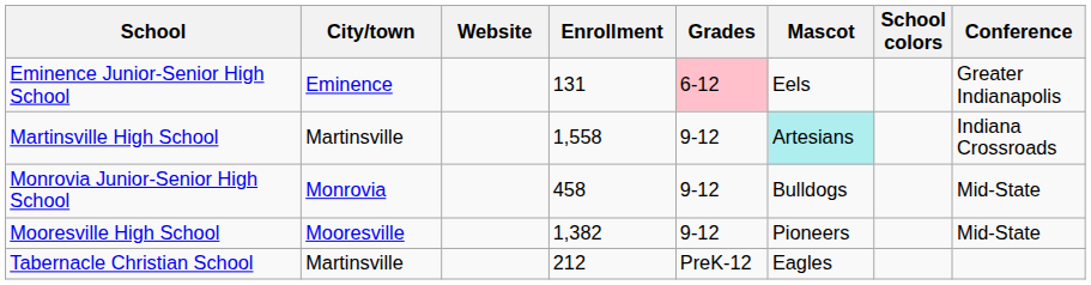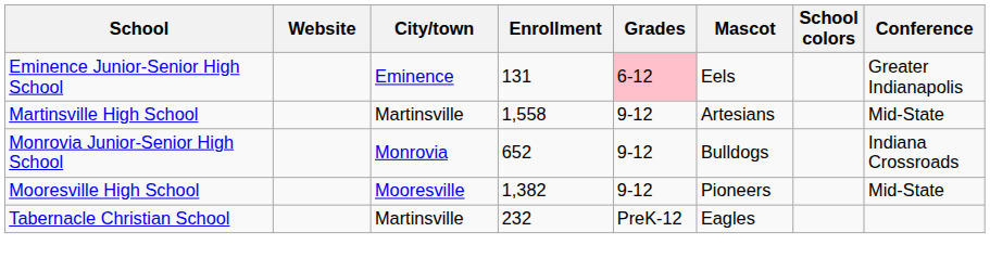 <table class="wikitable sortable" width="70%">
 <tr>
 <th width="20%">School</th>
+<th width="06%">Website</th>
 <th width="08%">City/town</th>
-<th width="06%">Website</th>
 <th width="04%">Enrollment</th>
 <th width="04%">Grades</th>
 <th width="04%">Mascot</th>
 <th width=01%>School colors</th>
 <th width="04%">Conference</th>
 </tr>
 <tr>
 <td><a href='#'>Eminence Junior-Senior High School</a></td>
+<td></td>
 <td><a href='#'>Eminence</a></td>
-<td></td>
 <td>131</td>
 <td style="background: pink;">6-12</td>
 <td>Eels</td>
 <td>  </td>
 <td>Greater Indianapolis</td>
 </tr>
 <tr>
 <td><a href='#'>Martinsville High School</a></td>
+<td></td>
 <td>Martinsville</td>
-<td></td>
 <td>1,558</td>
 <td>9-12</td>
-<td style="background: paleturquoise;">Artesians</td>
+<td>Artesians</td>
+<td> </td>
+<td>Mid-State</td>
+</tr>
+<tr>
+<td><a href='#'>Monrovia Junior-Senior High School</a></td>
+<td></td>
+<td><a href='#'>Monrovia</a></td>
+<td>652</td>
+<td>9-12</td>
+<td>Bulldogs</td>
 <td> </td>
 <td>Indiana Crossroads</td>
 </tr>
 <tr>
-<td><a href='#'>Monrovia Junior-Senior High School</a></td>
-<td><a href='#'>Monrovia</a></td>
+<td><a href='#'>Mooresville High School</a></td>
 <td></td>
-<td>458</td>
-<td>9-12</td>
-<td>Bulldogs</td>
-<td> </td>
-<td>Mid-State</td>
-</tr>
-<tr>
-<td><a href='#'>Mooresville High School</a></td>
 <td><a href='#'>Mooresville</a></td>
-<td></td>
 <td>1,382</td>
 <td>9-12</td>
 <td>Pioneers</td>
 <td> </td>
 <td>Mid-State</td>
 </tr>
 <tr>
 <td><a href='#'>Tabernacle Christian School</a></td>
+<td></td>
 <td>Martinsville</td>
-<td></td>
-<td>212</td>
+<td>232</td>
 <td>PreK-12</td>
 <td>Eagles</td>
 <td>  </td>
 <td></td>
 </tr>
 </table>
